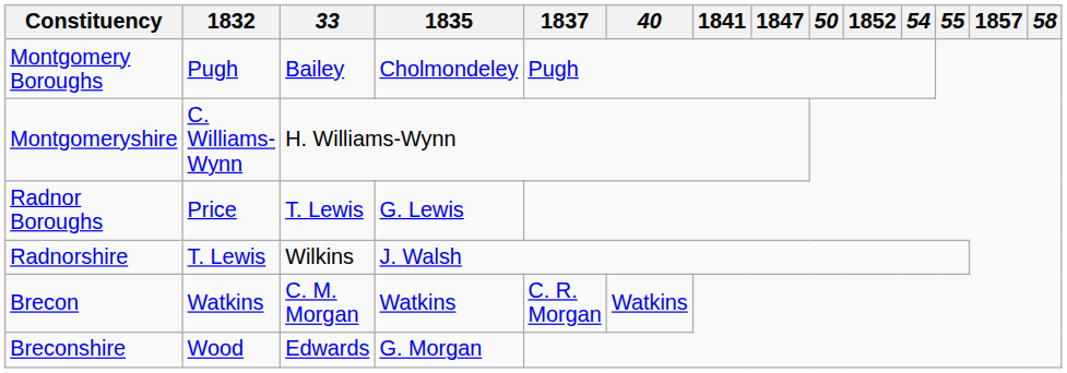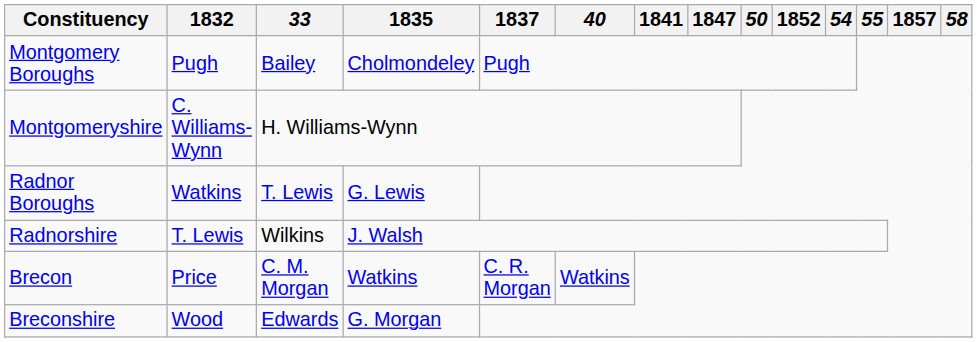 <table class="wikitable">
 <tr>
 <th>Constituency</th>
 <th>1832</th>
 <th><em>33</em></th>
 <th>1835</th>
 <th>1837</th>
 <th><em>40</em></th>
 <th>1841</th>
 <th>1847</th>
 <th><em>50</em></th>
 <th>1852</th>
 <th><em>54</em></th>
 <th><em>55</em></th>
 <th>1857</th>
 <th><em>58</em></th>
 </tr>
 <tr>
 <td><a href='#'>Montgomery Boroughs</a></td>
 <td><a href='#'>Pugh</a></td>
 <td><a href='#'>Bailey</a></td>
 <td><a href='#'>Cholmondeley</a></td>
 <td colspan="7"><a href='#'>Pugh</a></td>
 </tr>
 <tr>
 <td><a href='#'>Montgomeryshire</a></td>
 <td><a href='#'>C. Williams-Wynn</a></td>
 <td colspan="6">H. Williams-Wynn</td>
 </tr>
 <tr>
 <td><a href='#'>Radnor Boroughs</a></td>
-<td><a href='#'>Price</a></td>
+<td><a href='#'>Watkins</a></td>
 <td><a href='#'>T. Lewis</a></td>
 <td><a href='#'>G. Lewis</a></td>
 </tr>
 <tr>
 <td><a href='#'>Radnorshire</a></td>
 <td><a href='#'>T. Lewis</a></td>
 <td>Wilkins</td>
 <td colspan="9"><a href='#'>J. Walsh</a></td>
 </tr>
 <tr>
 <td><a href='#'>Brecon</a></td>
-<td><a href='#'>Watkins</a></td>
+<td><a href='#'>Price</a></td>
 <td><a href='#'>C. M. Morgan</a></td>
 <td><a href='#'>Watkins</a></td>
 <td><a href='#'>C. R. Morgan</a></td>
 <td><a href='#'>Watkins</a></td>
 </tr>
 <tr>
 <td><a href='#'>Breconshire</a></td>
 <td><a href='#'>Wood</a></td>
 <td><a href='#'>Edwards</a></td>
 <td><a href='#'>G. Morgan</a></td>
 </tr>
 </table>
